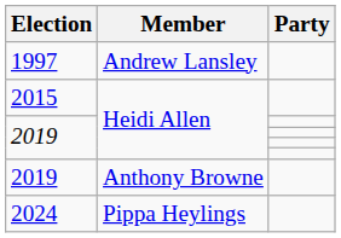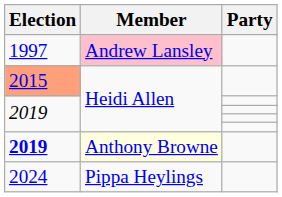 <table class="wikitable">
 <tr>
 <th>Election</th>
 <th>Member</th>
 <th colspan="2">Party</th>
 </tr>
 <tr>
 <td><a href='#'>1997</a></td>
-<td><a href='#'>Andrew Lansley</a></td>
+<td style="background: pink;"><a href='#'>Andrew Lansley</a></td>
 <td></td>
 </tr>
 <tr>
-<td><a href='#'>2015</a></td>
+<td style="background: lightsalmon;"><a href='#'>2015</a></td>
 <td rowspan="5"><a href='#'>Heidi Allen</a></td>
 <td></td>
 </tr>
 <tr>
 <td rowspan="4"><em>2019</em></td>
 <td></td>
 </tr>
 <tr>
 <td></td>
 </tr>
 <tr>
 <td></td>
 </tr>
 <tr>
 <td></td>
 </tr>
 <tr>
-<td><a href='#'>2019</a></td>
-<td><a href='#'>Anthony Browne</a></td>
+<td><strong><a href='#'>2019</a></strong></td>
+<td style="background: lightyellow;"><a href='#'>Anthony Browne</a></td>
 <td></td>
 </tr>
 <tr>
 <td><a href='#'>2024</a></td>
 <td><a href='#'>Pippa Heylings</a></td>
 <td></td>
 </tr>
 </table>
